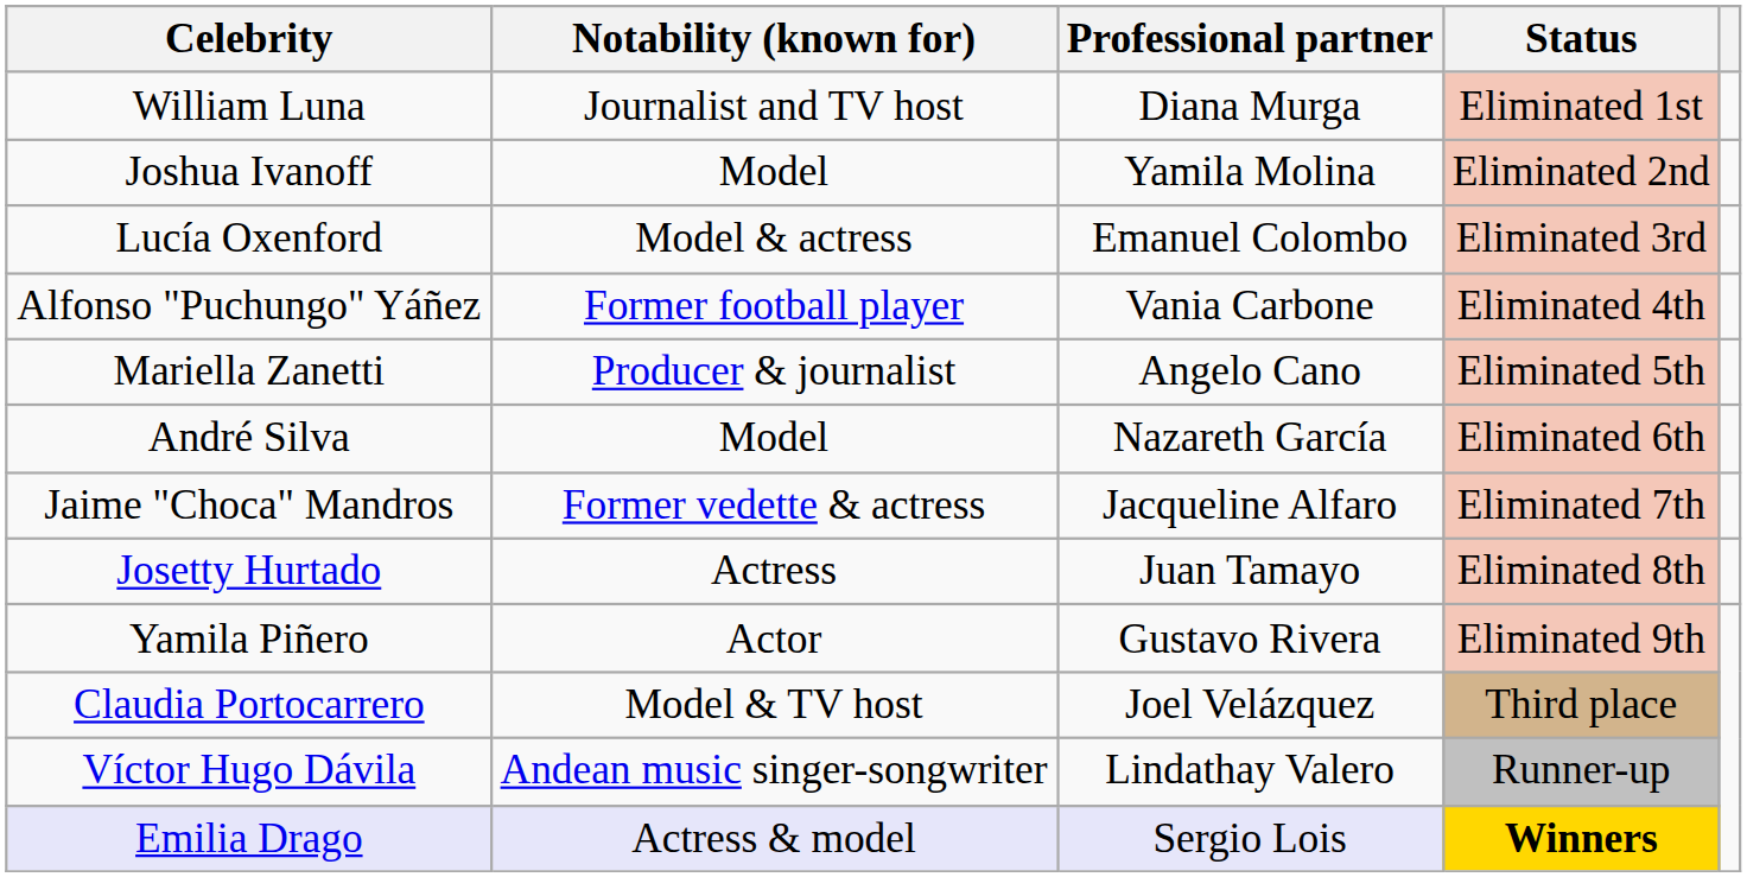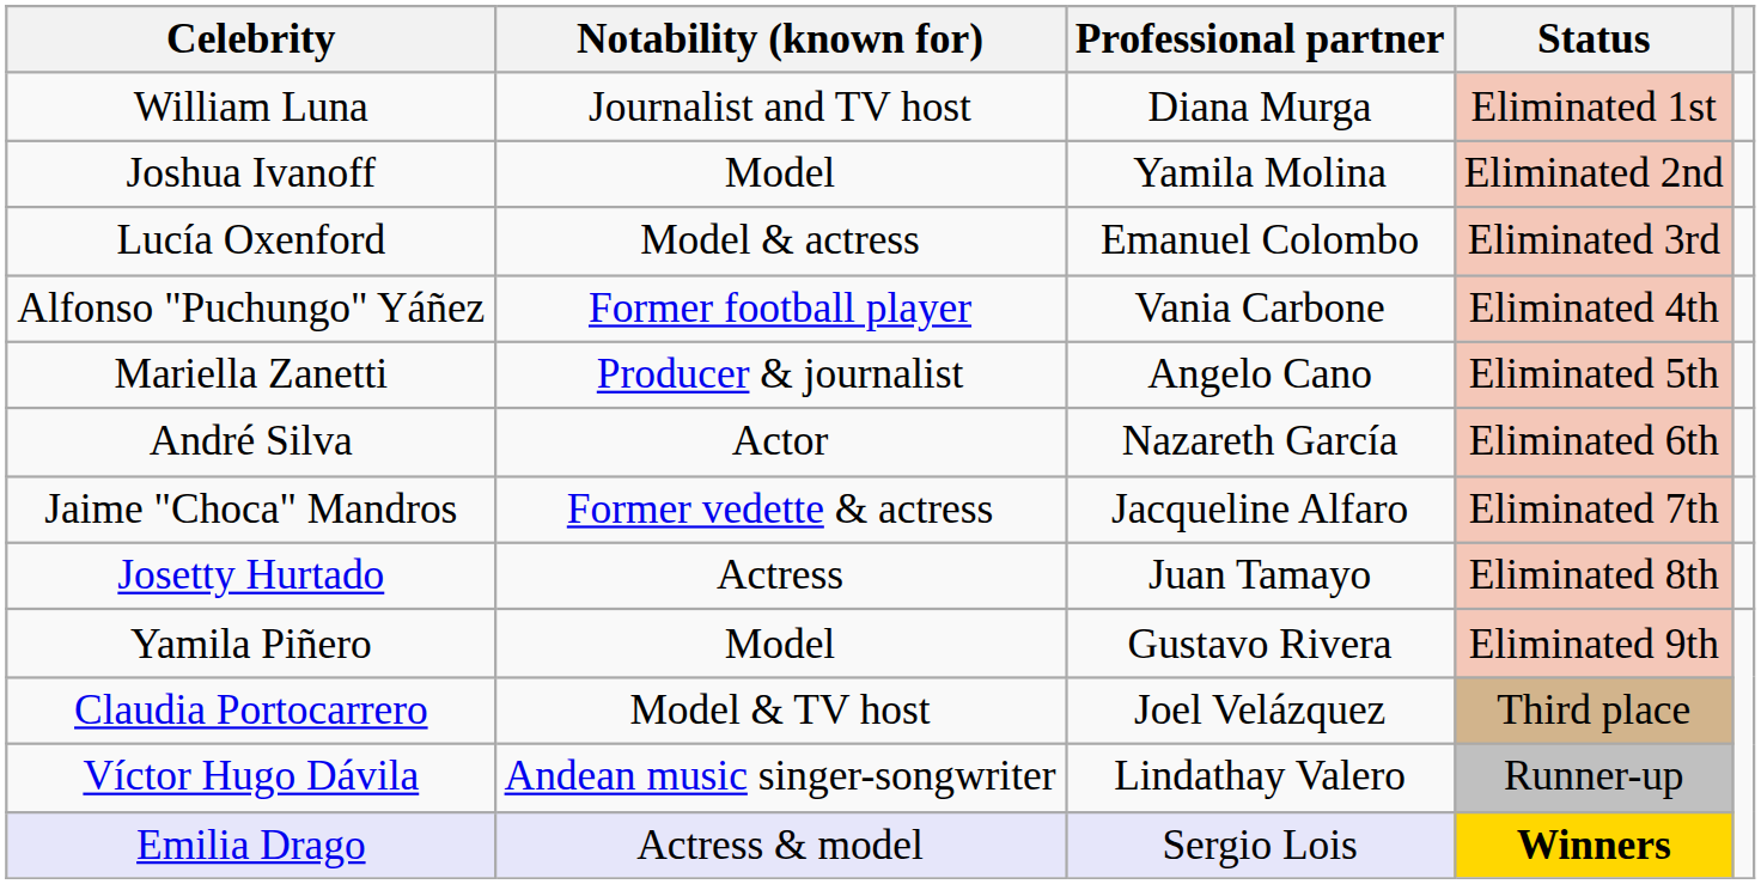 <table class= "wikitable sortable" style="text-align: center; margin:auto; align: center">
 <tr>
 <th>Celebrity</th>
 <th>Notability (known for)</th>
 <th>Professional partner</th>
 <th>Status</th>
 <th class="unsortable"></th>
 </tr>
 <tr>
 <td>William Luna</td>
 <td>Journalist and TV host</td>
 <td>Diana Murga</td>
 <td style="background:#f4c7b8">Eliminated 1st<br></td>
 <td></td>
 </tr>
 <tr>
 <td>Joshua Ivanoff</td>
 <td>Model</td>
 <td>Yamila Molina</td>
 <td style="background:#f4c7b8">Eliminated 2nd<br></td>
 <td></td>
 </tr>
 <tr>
 <td>Lucía Oxenford</td>
 <td>Model & actress</td>
 <td>Emanuel Colombo</td>
 <td style="background:#f4c7b8">Eliminated 3rd<br></td>
 <td></td>
 </tr>
 <tr>
 <td>Alfonso "Puchungo" Yáñez</td>
 <td><a href='#'>Former football player</a></td>
 <td>Vania Carbone</td>
 <td style="background:#f4c7b8">Eliminated 4th<br></td>
 <td></td>
 </tr>
 <tr>
 <td>Mariella Zanetti</td>
 <td><a href='#'>Producer</a> & journalist</td>
 <td>Angelo Cano</td>
 <td style="background:#f4c7b8">Eliminated 5th<br></td>
 <td></td>
 </tr>
 <tr>
 <td>André Silva</td>
-<td>Model</td>
+<td>Actor</td>
 <td>Nazareth García</td>
 <td style="background:#f4c7b8">Eliminated 6th<br></td>
 <td></td>
 </tr>
 <tr>
 <td>Jaime "Choca" Mandros</td>
 <td><a href='#'>Former vedette</a> & actress</td>
 <td>Jacqueline Alfaro</td>
 <td style="background:#f4c7b8">Eliminated 7th<br></td>
 <td></td>
 </tr>
 <tr>
 <td><a href='#'>Josetty Hurtado</a></td>
 <td>Actress</td>
 <td>Juan Tamayo</td>
 <td style="background:#f4c7b8">Eliminated 8th<br></td>
 <td></td>
 </tr>
 <tr>
 <td>Yamila Piñero</td>
-<td>Actor</td>
+<td>Model</td>
 <td>Gustavo Rivera<br></td>
 <td style="background:#f4c7b8">Eliminated 9th<br></td>
 <td rowspan=4></td>
 </tr>
 <tr>
 <td><a href='#'>Claudia Portocarrero</a></td>
 <td>Model & TV host</td>
 <td>Joel Velázquez</td>
 <td style="background:tan">Third place<br></td>
 </tr>
 <tr>
 <td><a href='#'>Víctor Hugo Dávila</a></td>
 <td><a href='#'>Andean music</a> singer-songwriter</td>
 <td>Lindathay Valero</td>
 <td style="background:silver">Runner-up<br></td>
 </tr>
 <tr>
 <td bgcolor=lavender><a href='#'>Emilia Drago</a></td>
 <td bgcolor=lavender>Actress & model</td>
 <td bgcolor=lavender>Sergio Lois</td>
 <td style="background:gold"><strong>Winners</strong><br></td>
 </tr>
 </table>
